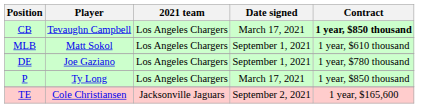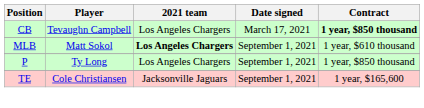 <table class="wikitable" style="text-align:center">
 <tr>
 <th>Position</th>
 <th>Player</th>
 <th>2021 team</th>
 <th>Date signed</th>
 <th>Contract</th>
 </tr>
 <tr style="background:#cfc">
 <td><a href='#'>CB</a></td>
 <td><a href='#'>Tevaughn Campbell</a></td>
 <td>Los Angeles Chargers</td>
 <td>March 17, 2021</td>
 <td><strong>1 year, $850 thousand</strong></td>
 </tr>
 <tr>
 </tr>
 <tr style="background:#cfc">
 <td><a href='#'>MLB</a></td>
 <td><a href='#'>Matt Sokol</a></td>
-<td>Los Angeles Chargers</td>
+<td><strong>Los Angeles Chargers</strong></td>
 <td>September 1, 2021</td>
 <td>1 year, $610 thousand</td>
 </tr>
 <tr>
-</tr>
-<tr style="background:#cfc">
-<td><a href='#'>DE</a></td>
-<td><a href='#'>Joe Gaziano</a></td>
-<td>Los Angeles Chargers</td>
-<td>September 1, 2021</td>
-<td>1 year, $780 thousand</td>
 </tr>
 <tr>
 </tr>
 <tr style="background:#cfc">
 <td><a href='#'>P</a></td>
 <td><a href='#'>Ty Long</a></td>
 <td>Los Angeles Chargers</td>
-<td>March 17, 2021</td>
+<td>September 1, 2021</td>
 <td>1 year, $850 thousand</td>
 </tr>
 <tr>
 </tr>
 <tr style="background:#fcc">
 <td><a href='#'>TE</a></td>
 <td><a href='#'>Cole Christiansen</a></td>
 <td>Jacksonville Jaguars</td>
-<td>September 2, 2021</td>
+<td>September 1, 2021</td>
 <td>1 year, $165,600</td>
 </tr>
 </table>
